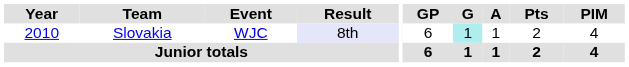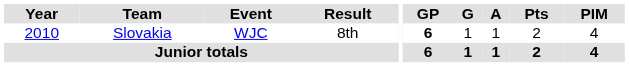 <table border="0" cellpadding="1" cellspacing="0" ID="Table3" style="text-align:center; width:40em">
 <tr ALIGN="center" bgcolor="#e0e0e0">
 <th>Year</th>
 <th>Team</th>
 <th>Event</th>
 <th>Result</th>
 <th rowspan="99" bgcolor="#ffffff"></th>
 <th>GP</th>
 <th>G</th>
 <th>A</th>
 <th>Pts</th>
 <th>PIM</th>
 </tr>
 <tr>
 <td><a href='#'>2010</a></td>
 <td><a href='#'>Slovakia</a></td>
 <td><a href='#'>WJC</a></td>
-<td style="background: lavender;">8th</td>
-<td>6</td>
-<td style="background: paleturquoise;">1</td>
+<td>8th</td>
+<td><strong>6</strong></td>
+<td>1</td>
 <td>1</td>
 <td>2</td>
 <td>4</td>
 </tr>
 <tr bgcolor="#e0e0e0">
 <th colspan="4">Junior totals</th>
 <th>6</th>
 <th>1</th>
 <th>1</th>
 <th>2</th>
 <th>4</th>
 </tr>
 </table>
